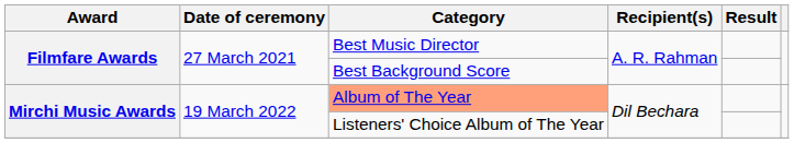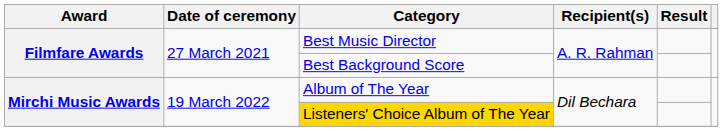 <table class="wikitable plainrowheaders sortable">
 <tr>
 <th scope="col">Award</th>
 <th scope="col">Date of ceremony</th>
 <th scope="col">Category</th>
 <th scope="col">Recipient(s)</th>
 <th scope="col" class="unsortable">Result</th>
 <th scope="col" class="unsortable"></th>
 </tr>
 <tr>
 <th scope="row" rowspan="2"><a href='#'>Filmfare Awards</a></th>
 <td rowspan="2"><a href='#'>27 March 2021</a></td>
 <td><a href='#'>Best Music Director</a></td>
 <td rowspan="2"><a href='#'>A. R. Rahman</a></td>
 <td></td>
 <td rowspan="2"></td>
 </tr>
 <tr>
 <td><a href='#'>Best Background Score</a></td>
 <td></td>
 </tr>
 <tr>
 <th scope="row" rowspan="2"><a href='#'>Mirchi Music Awards</a></th>
 <td rowspan="2"><a href='#'>19 March 2022</a></td>
-<td style="background: lightsalmon;"><a href='#'>Album of The Year</a></td>
+<td><a href='#'>Album of The Year</a></td>
 <td rowspan="2"><em>Dil Bechara</em></td>
 <td></td>
 <td style="text-align:center;" rowspan="2"></td>
 </tr>
 <tr>
-<td>Listeners' Choice Album of The Year</td>
+<td style="background: gold;">Listeners' Choice Album of The Year</td>
 <td></td>
 </tr>
 <tr>
 </tr>
 </table>
